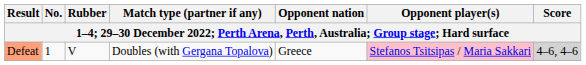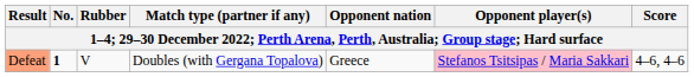 <table class=wikitable>
 <tr>
 <th>Result</th>
 <th>No.</th>
 <th>Rubber</th>
 <th>Match type (partner if any)</th>
 <th>Opponent nation</th>
 <th>Opponent player(s)</th>
 <th>Score</th>
 </tr>
 <tr>
 <th colspan=7>1–4; 29–30 December 2022; <a href='#'>Perth Arena</a>, <a href='#'>Perth</a>, Australia; <a href='#'>Group stage</a>; Hard surface</th>
 </tr>
 <tr>
 <td bgcolor=FFA07A>Defeat</td>
-<td>1</td>
+<td><strong>1</strong></td>
 <td>V</td>
 <td>Doubles (with <a href='#'>Gergana Topalova</a>)</td>
 <td> Greece</td>
 <td style="background: pink;"><a href='#'>Stefanos Tsitsipas</a> / <a href='#'>Maria Sakkari</a></td>
-<td style="background: lightgrey;">4–6, 4–6</td>
+<td>4–6, 4–6</td>
 </tr>
 </table>
